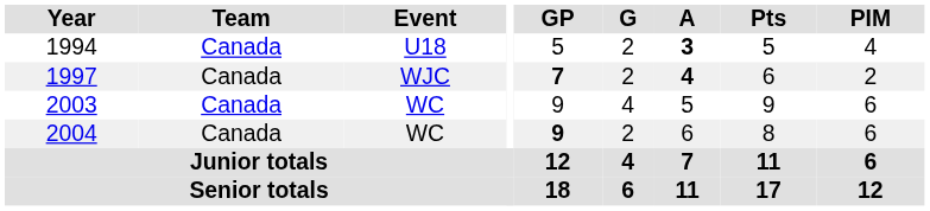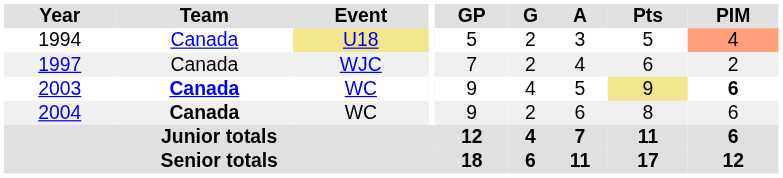 <table border="0" cellpadding="1" cellspacing="0" ID="Table3" style="text-align:center; width:40em;">
 <tr bgcolor="#e0e0e0">
 <th>Year</th>
 <th>Team</th>
 <th>Event</th>
 <th rowspan="102" bgcolor="#ffffff"></th>
 <th>GP</th>
 <th>G</th>
 <th>A</th>
 <th>Pts</th>
 <th>PIM</th>
 </tr>
 <tr>
 <td>1994</td>
 <td><a href='#'>Canada</a></td>
-<td><a href='#'>U18</a></td>
+<td style="background: khaki;"><a href='#'>U18</a></td>
 <td>5</td>
 <td>2</td>
-<td><strong>3</strong></td>
+<td>3</td>
 <td>5</td>
-<td>4</td>
+<td style="background: lightsalmon;">4</td>
 </tr>
 <tr bgcolor="#f0f0f0">
 <td><a href='#'>1997</a></td>
 <td>Canada</td>
 <td><a href='#'>WJC</a></td>
-<td><strong>7</strong></td>
+<td>7</td>
 <td>2</td>
-<td><strong>4</strong></td>
+<td>4</td>
 <td>6</td>
 <td>2</td>
 </tr>
 <tr>
 <td><a href='#'>2003</a></td>
-<td><a href='#'>Canada</a></td>
+<td><strong><a href='#'>Canada</a></strong></td>
 <td><a href='#'>WC</a></td>
 <td>9</td>
 <td>4</td>
 <td>5</td>
-<td>9</td>
-<td>6</td>
+<td style="background: khaki;">9</td>
+<td><strong>6</strong></td>
 </tr>
 <tr bgcolor="#f0f0f0">
 <td><a href='#'>2004</a></td>
-<td>Canada</td>
+<td><strong>Canada</strong></td>
 <td>WC</td>
-<td><strong>9</strong></td>
+<td>9</td>
 <td>2</td>
 <td>6</td>
 <td>8</td>
 <td>6</td>
 </tr>
 <tr bgcolor="#e0e0e0">
 <th colspan="4">Junior totals</th>
 <th>12</th>
 <th>4</th>
 <th>7</th>
 <th>11</th>
 <th>6</th>
 </tr>
 <tr bgcolor="#e0e0e0">
 <th colspan="4">Senior totals</th>
 <th>18</th>
 <th>6</th>
 <th>11</th>
 <th>17</th>
 <th>12</th>
 </tr>
 </table>
